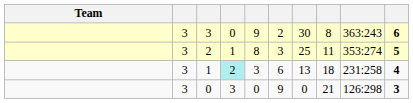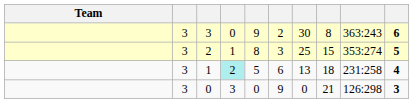 <table class="wikitable" style="text-align:center;">
 <tr>
 <th width=220>Team</th>
 <th width=25></th>
 <th width=25></th>
 <th width=25></th>
 <th width=25></th>
 <th width=25></th>
 <th width=25></th>
 <th width=25></th>
 <th width=25></th>
 <th width=25></th>
 </tr>
 <tr style="background:#ffffcc;">
 <td style="text-align:left;"></td>
 <td>3</td>
 <td>3</td>
 <td>0</td>
 <td>9</td>
 <td>2</td>
 <td>30</td>
 <td>8</td>
 <td>363:243</td>
 <td><strong>6</strong></td>
 </tr>
 <tr style="background:#ffffcc;">
 <td style="text-align:left;"></td>
 <td>3</td>
 <td>2</td>
 <td>1</td>
 <td>8</td>
 <td>3</td>
 <td>25</td>
-<td>11</td>
+<td>15</td>
 <td>353:274</td>
 <td><strong>5</strong></td>
 </tr>
 <tr>
 <td style="text-align:left;"></td>
 <td>3</td>
 <td>1</td>
 <td style="background: paleturquoise;">2</td>
-<td>3</td>
+<td>5</td>
 <td>6</td>
 <td>13</td>
 <td>18</td>
 <td>231:258</td>
 <td><strong>4</strong></td>
 </tr>
 <tr>
 <td style="text-align:left;"></td>
 <td>3</td>
 <td>0</td>
 <td>3</td>
 <td>0</td>
 <td>9</td>
 <td>0</td>
 <td>21</td>
 <td>126:298</td>
 <td><strong>3</strong></td>
 </tr>
 </table>
